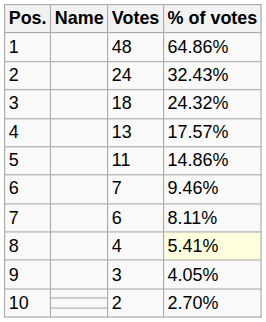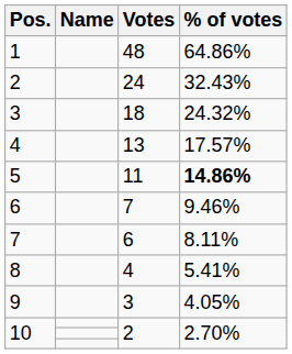 <table class="wikitable sortable">
 <tr>
 <th>Pos.</th>
 <th>Name</th>
 <th>Votes</th>
 <th>% of votes</th>
 </tr>
 <tr>
 <td>1</td>
 <td></td>
 <td>48</td>
 <td>64.86%</td>
 </tr>
 <tr>
 <td>2</td>
 <td></td>
 <td>24</td>
 <td>32.43%</td>
 </tr>
 <tr>
 <td>3</td>
 <td></td>
 <td>18</td>
 <td>24.32%</td>
 </tr>
 <tr>
 <td>4</td>
 <td></td>
 <td>13</td>
 <td>17.57%</td>
 </tr>
 <tr>
 <td>5</td>
 <td></td>
 <td>11</td>
-<td>14.86%</td>
+<td><strong>14.86%</strong></td>
 </tr>
 <tr>
 <td>6</td>
 <td></td>
 <td>7</td>
 <td>9.46%</td>
 </tr>
 <tr>
 <td>7</td>
 <td></td>
 <td>6</td>
 <td>8.11%</td>
 </tr>
 <tr>
 <td>8</td>
 <td></td>
 <td>4</td>
-<td style="background: lightyellow;">5.41%</td>
+<td>5.41%</td>
 </tr>
 <tr>
 <td>9</td>
 <td></td>
 <td>3</td>
 <td>4.05%</td>
 </tr>
 <tr>
 <td rowspan="3">10</td>
 <td></td>
 <td rowspan="3">2</td>
 <td rowspan="3">2.70%</td>
 </tr>
 <tr>
 <td></td>
 </tr>
 <tr>
 <td></td>
 </tr>
 </table>
